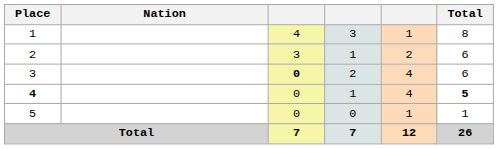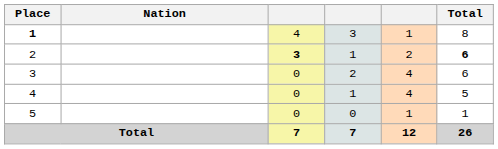 <table class=wikitable style="border:1px solid #AAAAAA;font-size:90%">
 <tr bgcolor="#EFEFEF">
 <th width=50>Place</th>
 <th width=200>Nation</th>
 <th width=50></th>
 <th width=50></th>
 <th width=50></th>
 <th width=50>Total</th>
 </tr>
 <tr align="center" valign="top" bgcolor="#FFFFFF">
-<td>1</td>
+<td><strong>1</strong></td>
 <td align="left"></td>
 <td style="background:#F7F6A8;">4</td>
 <td style="background:#DCE5E5;">3</td>
 <td style="background:#FFDAB9;">1</td>
 <td>8</td>
 </tr>
 <tr align="center" valign="top" bgcolor="#FFFFFF">
 <td>2</td>
 <td align="left"></td>
-<td style="background:#F7F6A8;">3</td>
+<td style="background:#F7F6A8;"><strong>3</strong></td>
 <td style="background:#DCE5E5;">1</td>
 <td style="background:#FFDAB9;">2</td>
-<td>6</td>
+<td><strong>6</strong></td>
 </tr>
 <tr align="center" valign="top" bgcolor="#FFFFFF">
 <td>3</td>
 <td align="left"></td>
-<td style="background:#F7F6A8;"><strong>0</strong></td>
+<td style="background:#F7F6A8;">0</td>
 <td style="background:#DCE5E5;">2</td>
 <td style="background:#FFDAB9;">4</td>
 <td>6</td>
 </tr>
 <tr align="center" valign="top" bgcolor="#FFFFFF">
-<td><strong>4</strong></td>
+<td>4</td>
 <td align="left"></td>
 <td style="background:#F7F6A8;">0</td>
 <td style="background:#DCE5E5;">1</td>
 <td style="background:#FFDAB9;">4</td>
-<td><strong>5</strong></td>
+<td>5</td>
 </tr>
 <tr align="center" valign="top" bgcolor="#FFFFFF">
 <td>5</td>
 <td align="left"></td>
 <td style="background:#F7F6A8;">0</td>
 <td style="background:#DCE5E5;">0</td>
 <td style="background:#FFDAB9;">1</td>
 <td>1</td>
 </tr>
 <tr align="center">
 <td colspan="2" bgcolor=D3D3D3><strong>Total</strong></td>
 <td style="background:#F7F6A8;"><strong>7</strong></td>
 <td style="background:#DCE5E5;"><strong>7</strong></td>
 <td style="background:#FFDAB9;"><strong>12</strong></td>
 <td bgcolor=D3D3D3><strong>26</strong></td>
 </tr>
 </table>
